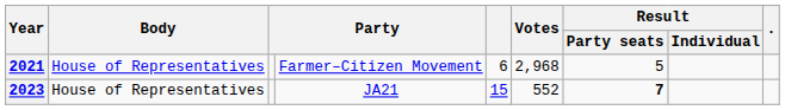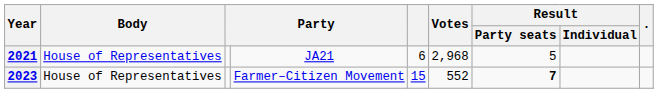 <table class="wikitable plainrowheaders sortable" border=2 cellpadding=4 cellspacing=0 style="border: 1px #aaa solid; font-size: 90%; text-align:center;">
 <tr>
 <th scope="col" rowspan=2>Year</th>
 <th scope="col" rowspan=2>Body</th>
 <th scope="col" colspan=2 rowspan=2>Party</th>
 <th scope="col" rowspan=2></th>
 <th scope="col" rowspan=2>Votes</th>
 <th scope="colgroup" colspan=2>Result</th>
 <th scope="col" rowspan=2 class="unsortable">.</th>
 </tr>
 <tr>
 <th scope="col">Party seats</th>
 <th scope="col">Individual</th>
 </tr>
 <tr>
 <th scope="row"><a href='#'>2021</a></th>
 <td><a href='#'>House of Representatives</a></td>
 <td style="background-color:"></td>
-<td><a href='#'>Farmer–Citizen Movement</a></td>
+<td><a href='#'>JA21</a></td>
 <td style=text-align:right>6</td>
 <td style=text-align:right>2,968</td>
 <td style=text-align:right>5</td>
 <td></td>
 <td></td>
 </tr>
 <tr>
 <th scope="row"><a href='#'>2023</a></th>
 <td>House of Representatives</td>
 <td style="background-color:"></td>
-<td><a href='#'>JA21</a></td>
+<td><a href='#'>Farmer–Citizen Movement</a></td>
 <td style=text-align:right><a href='#'>15</a></td>
 <td style=text-align:right>552</td>
 <td style=text-align:right><strong>7</strong></td>
 <td></td>
 <td></td>
 </tr>
 </table>
